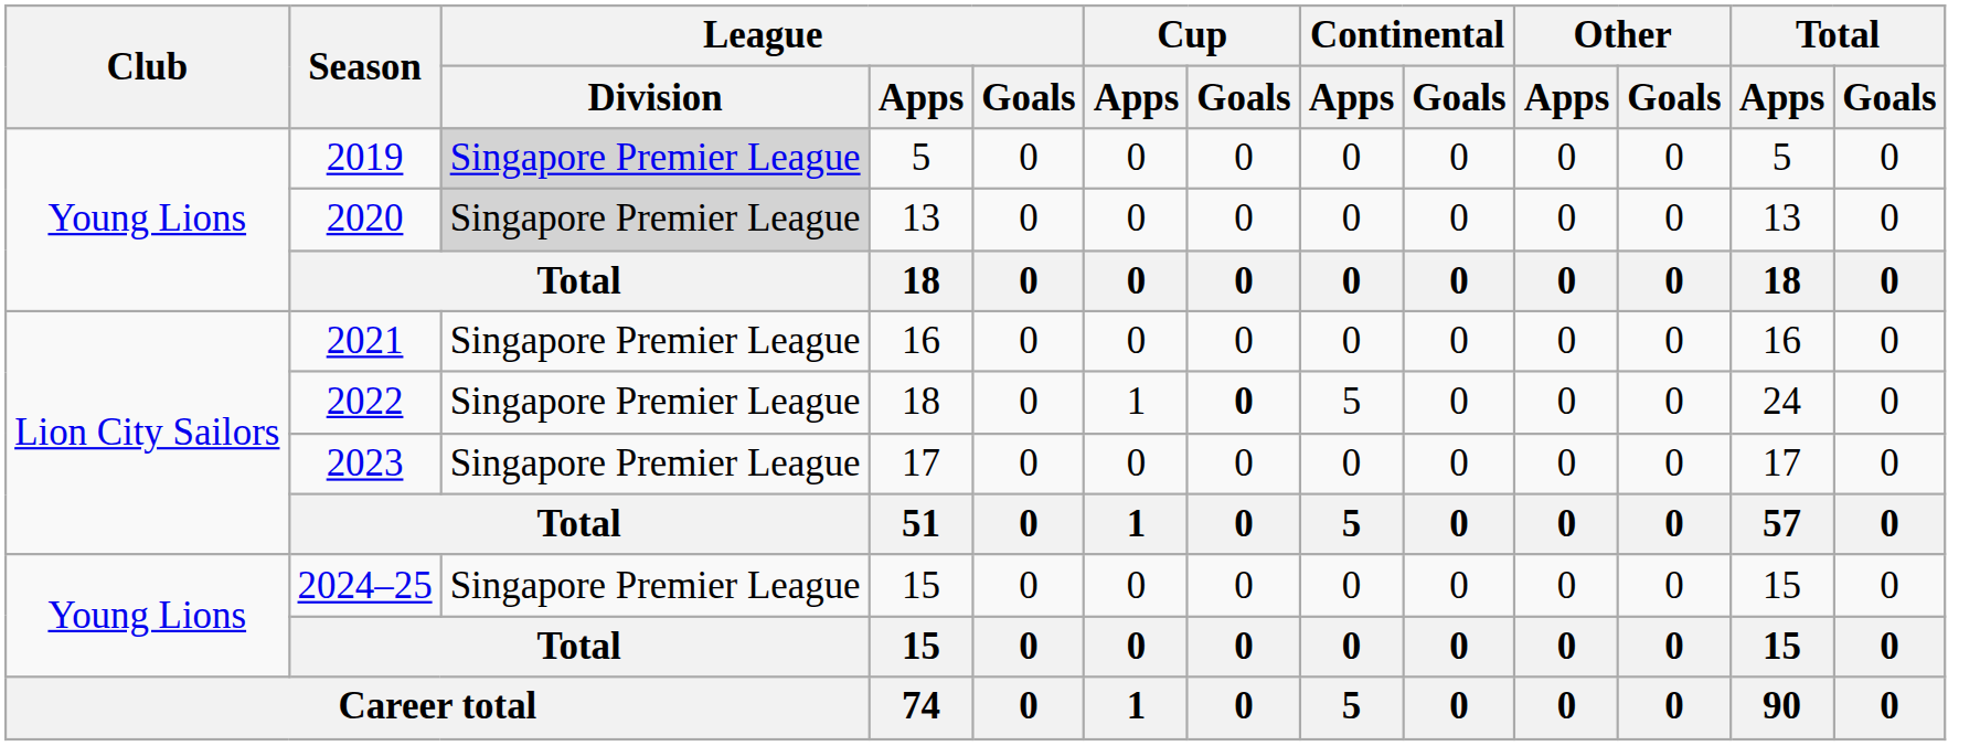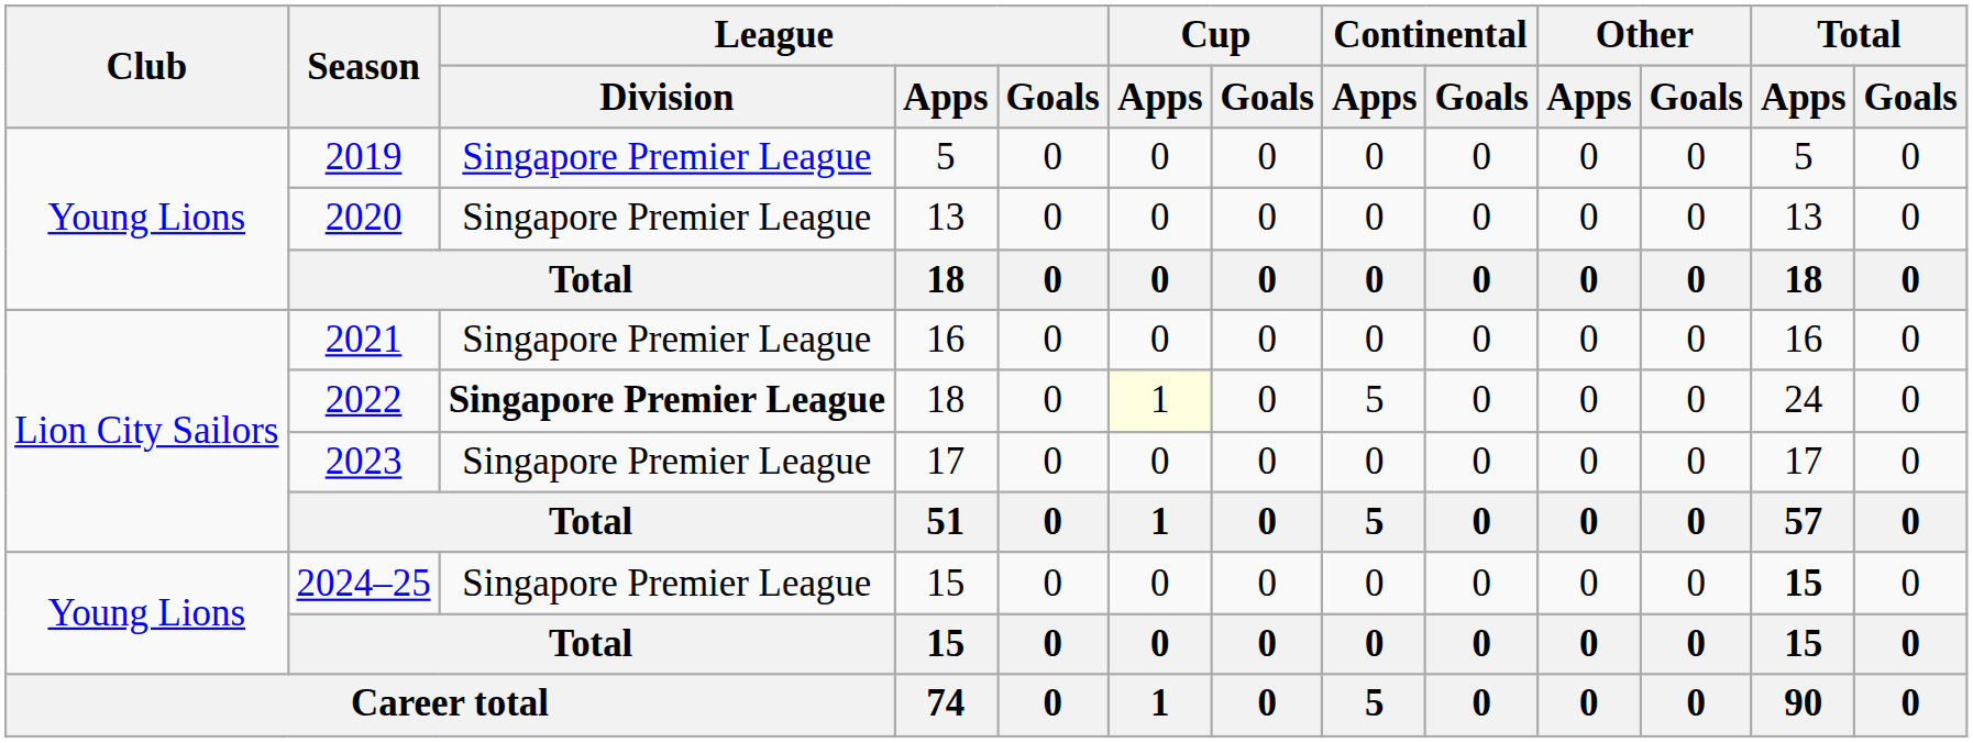 <table class="wikitable" style="text-align: center">
 <tr>
 <th rowspan="2">Club</th>
 <th rowspan="2">Season</th>
 <th colspan="3">League</th>
 <th colspan="2">Cup</th>
 <th colspan="2">Continental</th>
 <th colspan="2">Other</th>
 <th colspan="2">Total</th>
 </tr>
 <tr>
 <th>Division</th>
 <th>Apps</th>
 <th>Goals</th>
 <th>Apps</th>
 <th>Goals</th>
 <th>Apps</th>
 <th>Goals</th>
 <th>Apps</th>
 <th>Goals</th>
 <th>Apps</th>
 <th>Goals</th>
 </tr>
 <tr>
 <td rowspan="3"><a href='#'>Young Lions</a></td>
 <td><a href='#'>2019</a></td>
-<td style="background: lightgrey;"><a href='#'>Singapore Premier League</a></td>
+<td><a href='#'>Singapore Premier League</a></td>
 <td>5</td>
 <td>0</td>
 <td>0</td>
 <td>0</td>
 <td>0</td>
 <td>0</td>
 <td>0</td>
 <td>0</td>
 <td>5</td>
 <td>0</td>
 </tr>
 <tr>
 <td><a href='#'>2020</a></td>
-<td style="background: lightgrey;">Singapore Premier League</td>
+<td>Singapore Premier League</td>
 <td>13</td>
 <td>0</td>
 <td>0</td>
 <td>0</td>
 <td>0</td>
 <td>0</td>
 <td>0</td>
 <td>0</td>
 <td>13</td>
 <td>0</td>
 </tr>
 <tr>
 <th colspan=2>Total</th>
 <th>18</th>
 <th>0</th>
 <th>0</th>
 <th>0</th>
 <th>0</th>
 <th>0</th>
 <th>0</th>
 <th>0</th>
 <th>18</th>
 <th>0</th>
 </tr>
 <tr>
 <td rowspan="4"><a href='#'>Lion City Sailors</a></td>
 <td><a href='#'>2021</a></td>
 <td>Singapore Premier League</td>
 <td>16</td>
 <td>0</td>
 <td>0</td>
 <td>0</td>
 <td>0</td>
 <td>0</td>
 <td>0</td>
 <td>0</td>
 <td>16</td>
 <td>0</td>
 </tr>
 <tr>
 <td><a href='#'>2022</a></td>
-<td>Singapore Premier League</td>
+<td><strong>Singapore Premier League</strong></td>
 <td>18</td>
 <td>0</td>
-<td>1</td>
-<td><strong>0</strong></td>
+<td style="background: lightyellow;">1</td>
+<td>0</td>
 <td>5</td>
 <td>0</td>
 <td>0</td>
 <td>0</td>
 <td>24</td>
 <td>0</td>
 </tr>
 <tr>
 <td><a href='#'>2023</a></td>
 <td>Singapore Premier League</td>
 <td>17</td>
 <td>0</td>
 <td>0</td>
 <td>0</td>
 <td>0</td>
 <td>0</td>
 <td>0</td>
 <td>0</td>
 <td>17</td>
 <td>0</td>
 </tr>
 <tr>
 <th colspan=2>Total</th>
 <th>51</th>
 <th>0</th>
 <th>1</th>
 <th>0</th>
 <th>5</th>
 <th>0</th>
 <th>0</th>
 <th>0</th>
 <th>57</th>
 <th>0</th>
 </tr>
 <tr>
 <td rowspan="2"><a href='#'>Young Lions</a></td>
 <td><a href='#'>2024–25</a></td>
 <td>Singapore Premier League</td>
 <td>15</td>
 <td>0</td>
 <td>0</td>
 <td>0</td>
 <td>0</td>
 <td>0</td>
 <td>0</td>
 <td>0</td>
-<td>15</td>
+<td><strong>15</strong></td>
 <td>0</td>
 </tr>
 <tr>
 <th colspan=2>Total</th>
 <th>15</th>
 <th>0</th>
 <th>0</th>
 <th>0</th>
 <th>0</th>
 <th>0</th>
 <th>0</th>
 <th>0</th>
 <th>15</th>
 <th>0</th>
 </tr>
 <tr>
 <th colspan=3>Career total</th>
 <th>74</th>
 <th>0</th>
 <th>1</th>
 <th>0</th>
 <th>5</th>
 <th>0</th>
 <th>0</th>
 <th>0</th>
 <th>90</th>
 <th>0</th>
 </tr>
 </table>
